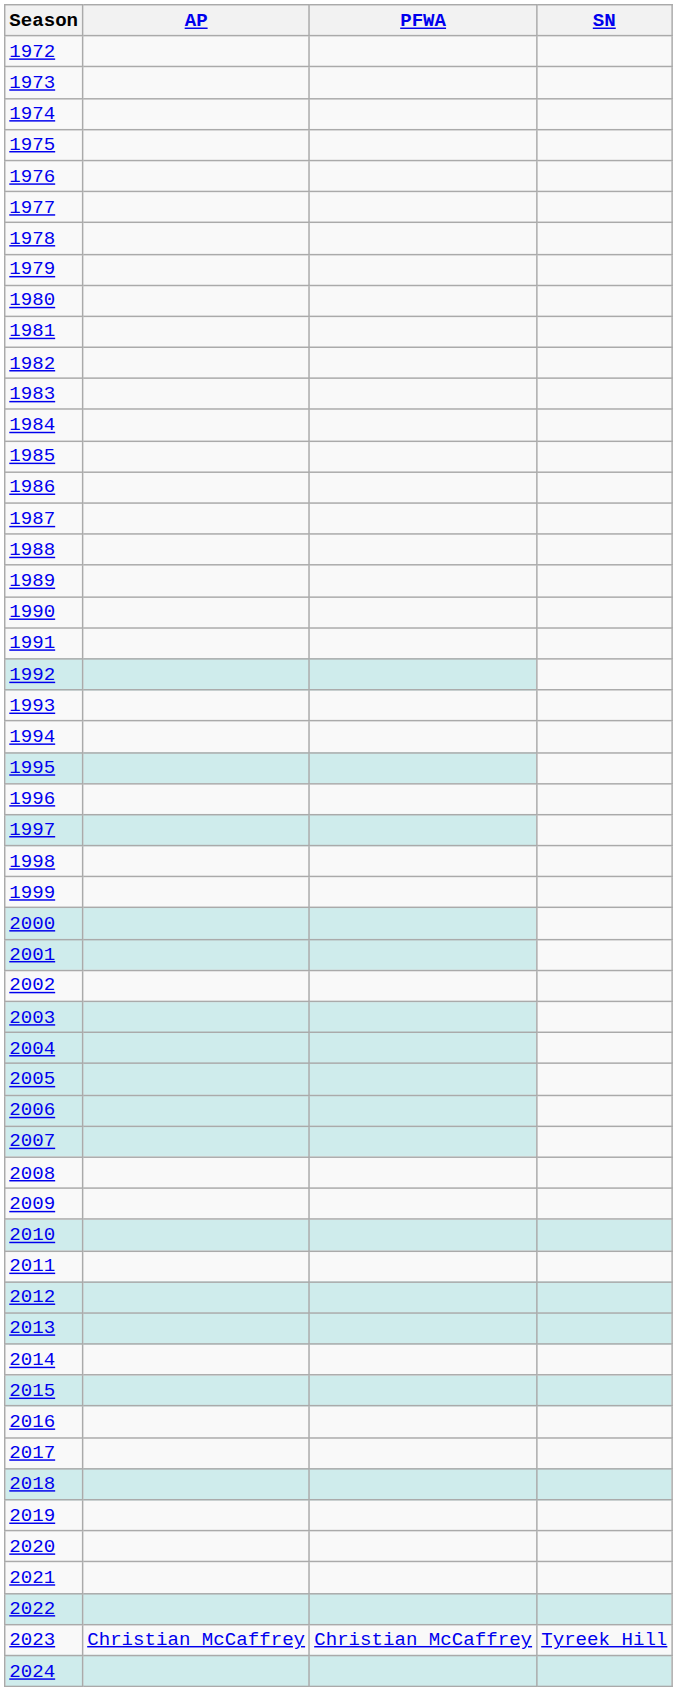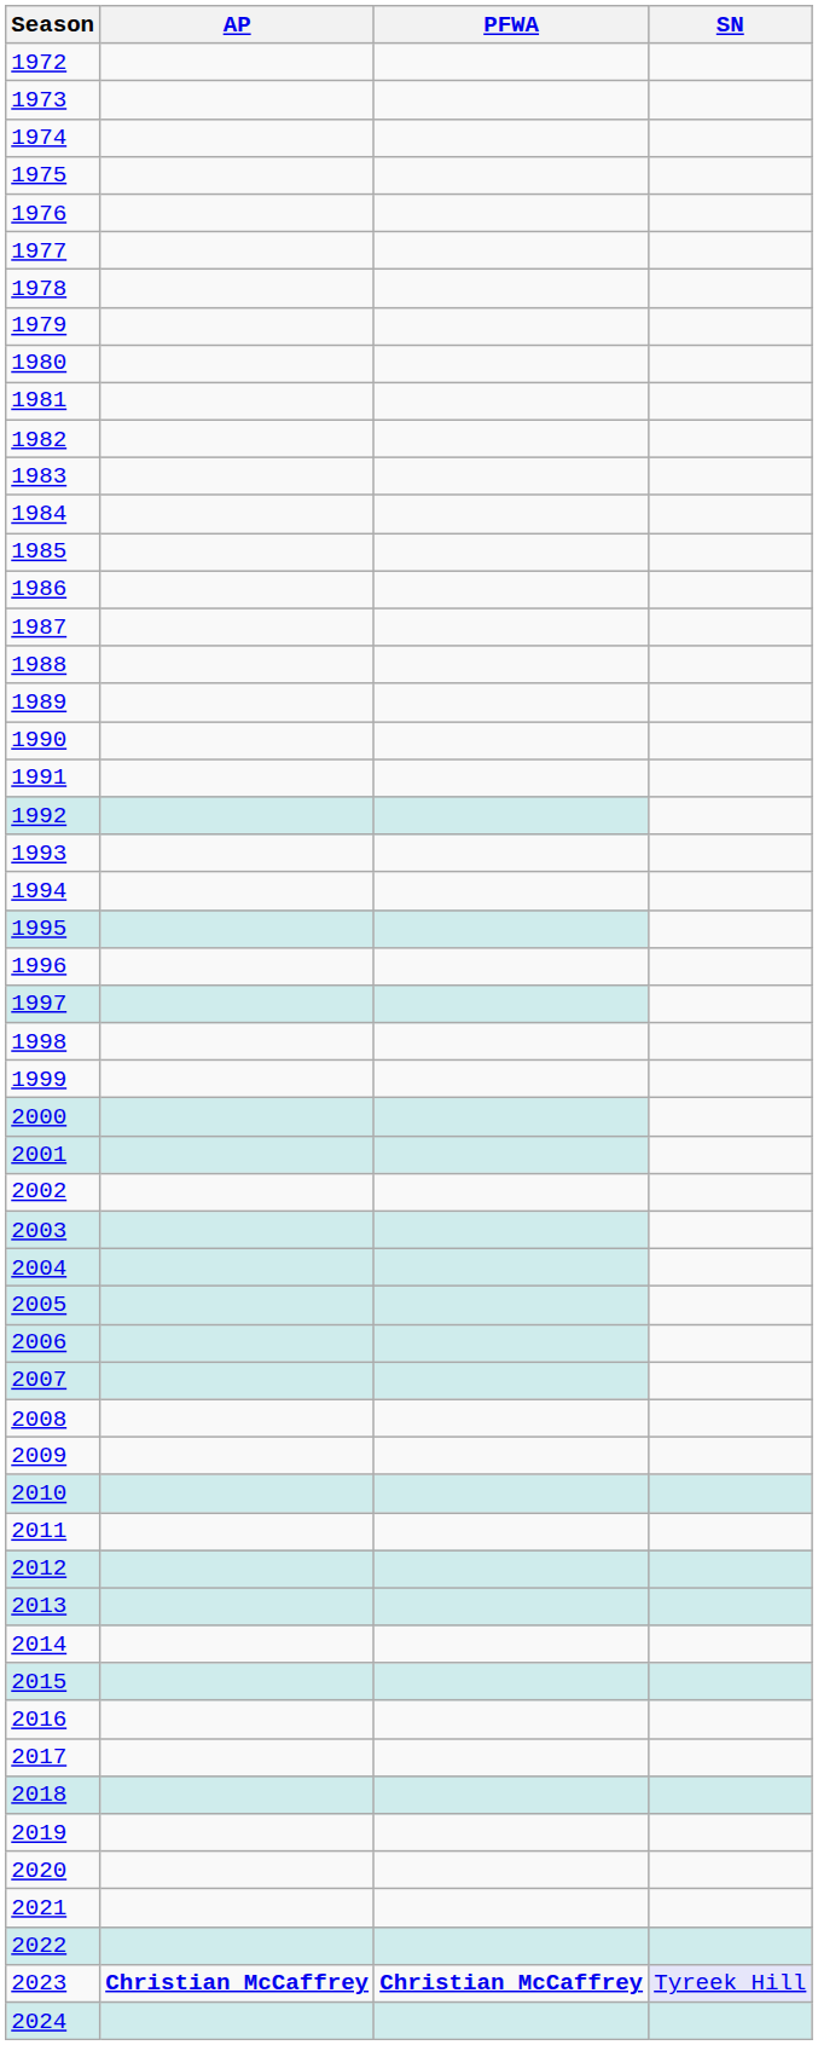 <table class="wikitable sortable plainrowheaders">
 <tr>
 <th scope="col">Season</th>
 <th scope="col"><a href='#'>AP</a></th>
 <th scope="col"><a href='#'>PFWA</a></th>
 <th scope="col"><a href='#'>SN</a></th>
 </tr>
 <tr>
 <td><a href='#'>1972</a></td>
 <td></td>
 <td></td>
 <td></td>
 </tr>
 <tr>
 <td><a href='#'>1973</a></td>
 <td></td>
 <td></td>
 <td></td>
 </tr>
 <tr>
 <td><a href='#'>1974</a></td>
 <td></td>
 <td></td>
 <td></td>
 </tr>
 <tr>
 <td><a href='#'>1975</a></td>
 <td></td>
 <td></td>
 <td></td>
 </tr>
 <tr>
 <td><a href='#'>1976</a></td>
 <td></td>
 <td></td>
 <td></td>
 </tr>
 <tr>
 <td><a href='#'>1977</a></td>
 <td></td>
 <td></td>
 <td></td>
 </tr>
 <tr>
 <td><a href='#'>1978</a></td>
 <td></td>
 <td></td>
 <td></td>
 </tr>
 <tr>
 <td><a href='#'>1979</a></td>
 <td></td>
 <td></td>
 <td></td>
 </tr>
 <tr>
 <td><a href='#'>1980</a></td>
 <td></td>
 <td></td>
 <td></td>
 </tr>
 <tr>
 <td><a href='#'>1981</a></td>
 <td></td>
 <td></td>
 <td></td>
 </tr>
 <tr>
 <td><a href='#'>1982</a></td>
 <td></td>
 <td></td>
 <td></td>
 </tr>
 <tr>
 <td><a href='#'>1983</a></td>
 <td></td>
 <td></td>
 <td></td>
 </tr>
 <tr>
 <td><a href='#'>1984</a></td>
 <td></td>
 <td></td>
 <td></td>
 </tr>
 <tr>
 <td><a href='#'>1985</a></td>
 <td></td>
 <td></td>
 <td></td>
 </tr>
 <tr>
 <td><a href='#'>1986</a></td>
 <td></td>
 <td></td>
 <td></td>
 </tr>
 <tr>
 <td><a href='#'>1987</a></td>
 <td></td>
 <td></td>
 <td></td>
 </tr>
 <tr>
 <td><a href='#'>1988</a></td>
 <td></td>
 <td></td>
 <td></td>
 </tr>
 <tr>
 <td><a href='#'>1989</a></td>
 <td></td>
 <td></td>
 <td></td>
 </tr>
 <tr>
 <td><a href='#'>1990</a></td>
 <td></td>
 <td></td>
 <td></td>
 </tr>
 <tr>
 <td><a href='#'>1991</a></td>
 <td></td>
 <td></td>
 <td></td>
 </tr>
 <tr>
 <td bgcolor="#CFECEC"><a href='#'>1992</a></td>
 <td bgcolor="#CFECEC"></td>
 <td bgcolor="#CFECEC"></td>
 <td></td>
 </tr>
 <tr>
 <td><a href='#'>1993</a></td>
 <td></td>
 <td></td>
 <td></td>
 </tr>
 <tr>
 <td><a href='#'>1994</a></td>
 <td></td>
 <td></td>
 <td></td>
 </tr>
 <tr>
 <td bgcolor="#CFECEC"><a href='#'>1995</a></td>
 <td bgcolor="#CFECEC"></td>
 <td bgcolor="#CFECEC"></td>
 <td></td>
 </tr>
 <tr>
 <td><a href='#'>1996</a></td>
 <td></td>
 <td></td>
 <td></td>
 </tr>
 <tr>
 <td bgcolor="#CFECEC"><a href='#'>1997</a></td>
 <td bgcolor="#CFECEC"></td>
 <td bgcolor="#CFECEC"></td>
 <td></td>
 </tr>
 <tr>
 <td><a href='#'>1998</a></td>
 <td></td>
 <td></td>
 <td></td>
 </tr>
 <tr>
 <td><a href='#'>1999</a></td>
 <td></td>
 <td></td>
 <td></td>
 </tr>
 <tr>
 <td bgcolor="#CFECEC"><a href='#'>2000</a></td>
 <td bgcolor="#CFECEC"></td>
 <td bgcolor="#CFECEC"></td>
 <td></td>
 </tr>
 <tr>
 <td bgcolor="#CFECEC"><a href='#'>2001</a></td>
 <td bgcolor="#CFECEC"></td>
 <td bgcolor="#CFECEC"></td>
 <td></td>
 </tr>
 <tr>
 <td><a href='#'>2002</a></td>
 <td></td>
 <td></td>
 <td></td>
 </tr>
 <tr>
 <td bgcolor="#CFECEC"><a href='#'>2003</a></td>
 <td bgcolor="#CFECEC"></td>
 <td bgcolor="#CFECEC"></td>
 <td></td>
 </tr>
 <tr>
 <td bgcolor="#CFECEC"><a href='#'>2004</a></td>
 <td bgcolor="#CFECEC"></td>
 <td bgcolor="#CFECEC"></td>
 <td></td>
 </tr>
 <tr>
 <td bgcolor="#CFECEC"><a href='#'>2005</a></td>
 <td bgcolor="#CFECEC"></td>
 <td bgcolor="#CFECEC"></td>
 <td></td>
 </tr>
 <tr>
 <td bgcolor="#CFECEC"><a href='#'>2006</a></td>
 <td bgcolor="#CFECEC"></td>
 <td bgcolor="#CFECEC"></td>
 <td></td>
 </tr>
 <tr>
 <td bgcolor="#CFECEC"><a href='#'>2007</a></td>
 <td bgcolor="#CFECEC"></td>
 <td bgcolor="#CFECEC"></td>
 <td></td>
 </tr>
 <tr>
 <td><a href='#'>2008</a></td>
 <td></td>
 <td></td>
 <td></td>
 </tr>
 <tr>
 <td><a href='#'>2009</a></td>
 <td></td>
 <td></td>
 <td></td>
 </tr>
 <tr>
 <td bgcolor="#CFECEC"><a href='#'>2010</a></td>
 <td bgcolor="#CFECEC"></td>
 <td bgcolor="#CFECEC"></td>
 <td bgcolor="#CFECEC"></td>
 </tr>
 <tr>
 <td><a href='#'>2011</a></td>
 <td></td>
 <td></td>
 <td></td>
 </tr>
 <tr>
 <td bgcolor="#CFECEC"><a href='#'>2012</a></td>
 <td bgcolor="#CFECEC"></td>
 <td bgcolor="#CFECEC"></td>
 <td bgcolor="#CFECEC"></td>
 </tr>
 <tr>
 <td bgcolor="#CFECEC"><a href='#'>2013</a></td>
 <td bgcolor="#CFECEC"></td>
 <td bgcolor="#CFECEC"></td>
 <td bgcolor="#CFECEC"></td>
 </tr>
 <tr>
 <td><a href='#'>2014</a></td>
 <td></td>
 <td></td>
 <td></td>
 </tr>
 <tr>
 <td bgcolor="#CFECEC"><a href='#'>2015</a></td>
 <td bgcolor="#CFECEC"></td>
 <td bgcolor="#CFECEC"></td>
 <td bgcolor="#CFECEC"></td>
 </tr>
 <tr>
 <td><a href='#'>2016</a></td>
 <td></td>
 <td></td>
 <td></td>
 </tr>
 <tr>
 <td><a href='#'>2017</a></td>
 <td></td>
 <td></td>
 <td></td>
 </tr>
 <tr>
 <td bgcolor="#CFECEC"><a href='#'>2018</a></td>
 <td bgcolor="#CFECEC"></td>
 <td bgcolor="#CFECEC"></td>
 <td bgcolor="#CFECEC"></td>
 </tr>
 <tr>
 <td><a href='#'>2019</a></td>
 <td></td>
 <td></td>
 <td></td>
 </tr>
 <tr>
 <td><a href='#'>2020</a></td>
 <td></td>
 <td></td>
 <td></td>
 </tr>
 <tr>
 <td><a href='#'>2021</a></td>
 <td></td>
 <td></td>
 <td></td>
 </tr>
 <tr>
 <td bgcolor="#CFECEC"><a href='#'>2022</a></td>
 <td bgcolor="#CFECEC"></td>
 <td bgcolor="#CFECEC"></td>
 <td bgcolor="#CFECEC"></td>
 </tr>
 <tr>
 <td><a href='#'>2023</a></td>
-<td><a href='#'>Christian McCaffrey</a></td>
-<td><a href='#'>Christian McCaffrey</a></td>
-<td><a href='#'>Tyreek Hill</a></td>
+<td><strong><a href='#'>Christian McCaffrey</a></strong></td>
+<td><strong><a href='#'>Christian McCaffrey</a></strong></td>
+<td style="background: lavender;"><a href='#'>Tyreek Hill</a></td>
 </tr>
 <tr>
 <td bgcolor="#CFECEC"><a href='#'>2024</a></td>
 <td bgcolor="#CFECEC"></td>
 <td bgcolor="#CFECEC"></td>
 <td bgcolor="#CFECEC"></td>
 </tr>
 </table>
